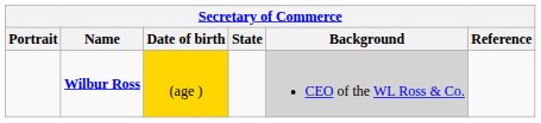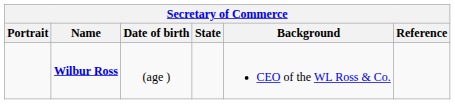 <table class="wikitable collapsible" style="text-align:center;">
 <tr>
 <th colspan="6"><a href='#'>Secretary of Commerce</a></th>
 </tr>
 <tr>
 <th>Portrait</th>
 <th>Name</th>
 <th>Date of birth</th>
 <th>State</th>
 <th>Background</th>
 <th>Reference</th>
 </tr>
 <tr>
 <td></td>
 <td><strong><a href='#'>Wilbur Ross</a></strong></td>
-<td style="background: gold;"><br>(age )</td>
+<td><br>(age )</td>
 <td></td>
-<td style="background: lightgrey;"><br><ul><li><a href='#'>CEO</a> of the <a href='#'>WL Ross & Co.</a></li></ul></td>
+<td><br><ul><li><a href='#'>CEO</a> of the <a href='#'>WL Ross & Co.</a></li></ul></td>
 <td></td>
 </tr>
 </table>
